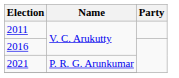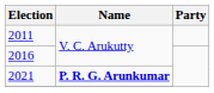 <table class="wikitable sortable">
 <tr>
 <th>Election</th>
 <th>Name</th>
 <th colspan="2">Party</th>
 </tr>
 <tr>
 <td><a href='#'>2011</a></td>
 <td rowspan="2"><a href='#'>V. C. Arukutty</a></td>
 <td></td>
 </tr>
 <tr>
 <td><a href='#'>2016</a></td>
 </tr>
 <tr>
 <td><a href='#'>2021</a></td>
-<td><a href='#'>P. R. G. Arunkumar</a></td>
+<td><strong><a href='#'>P. R. G. Arunkumar</a></strong></td>
 </tr>
 <tr>
 </tr>
 </table>
